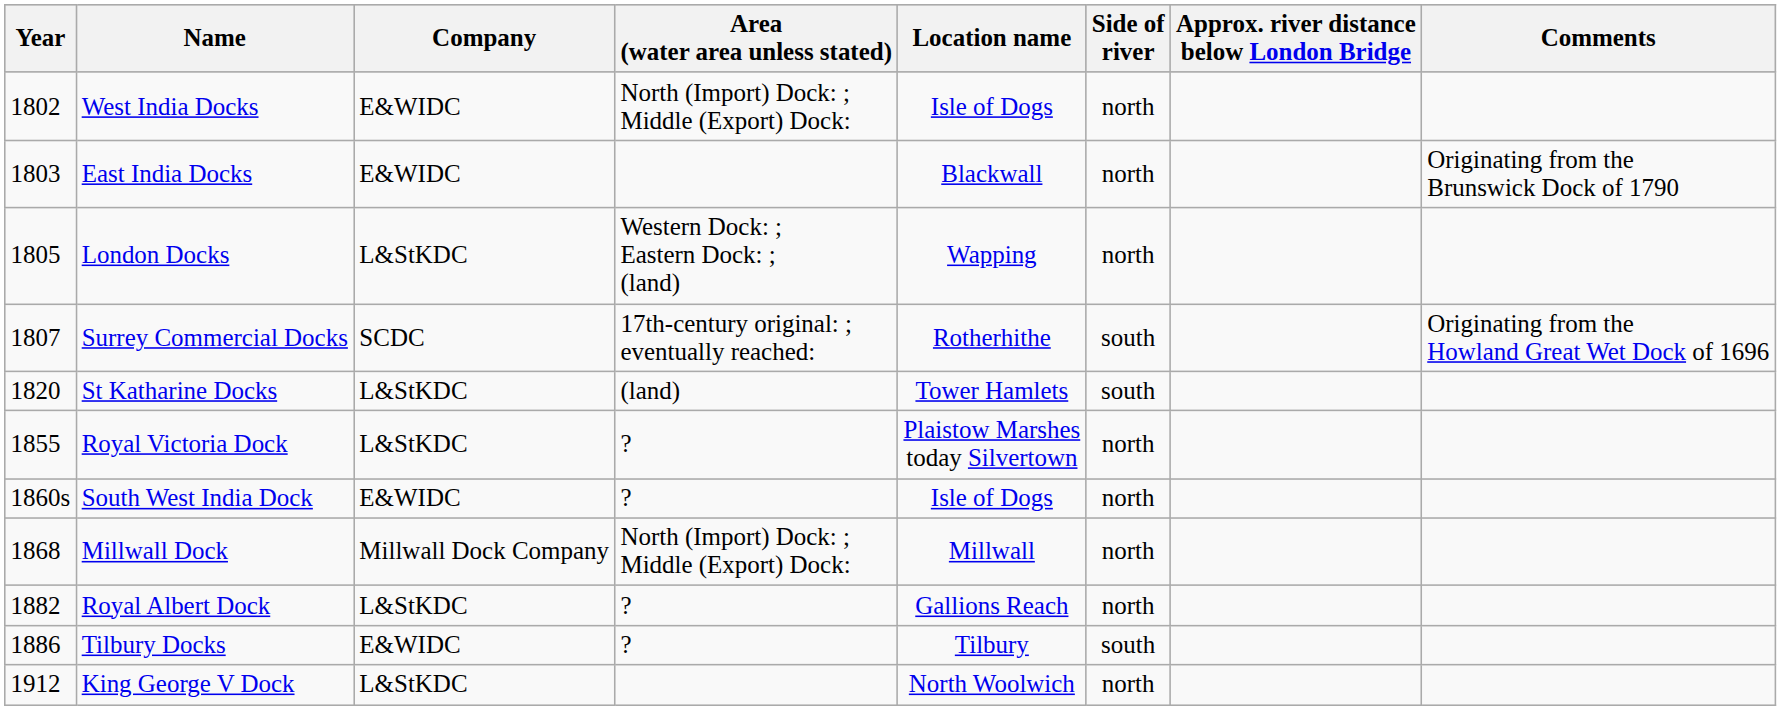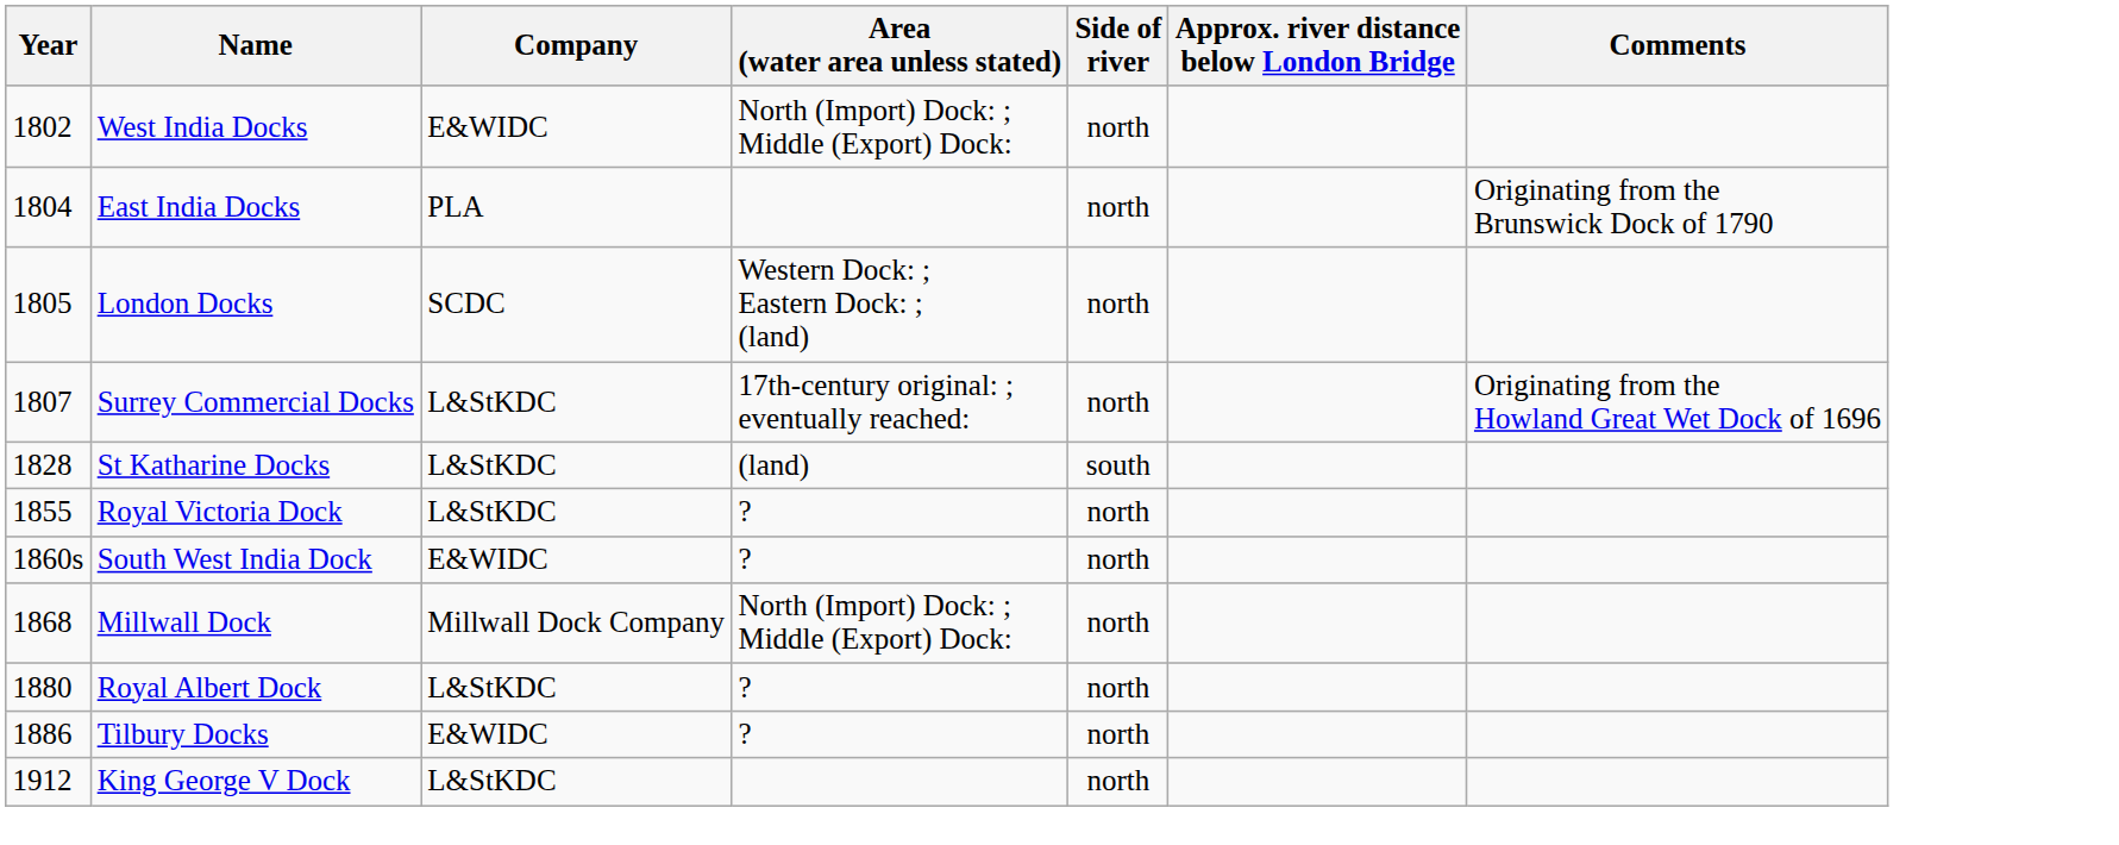 <table class="wikitable" style="align:center;">
 <tr style="background:lightgrey;">
 <th>Year</th>
 <th>Name</th>
 <th>Company</th>
 <th>Area<br>(water area unless stated)</th>
-<th>Location name</th>
 <th>Side of<br>river</th>
 <th>Approx. river distance<br>below <a href='#'>London Bridge</a></th>
 <th>Comments</th>
 </tr>
 <tr>
 <td style="">1802</td>
 <td style=""><a href='#'>West India Docks</a></td>
 <td style="">E&WIDC</td>
 <td style="">North (Import) Dock: ;<br>Middle (Export) Dock: </td>
-<td style="text-align:center;"><a href='#'>Isle of Dogs</a></td>
 <td style="text-align:center;">north</td>
 <td style="text-align:right;"></td>
 <td style=""></td>
 </tr>
 <tr>
-<td style="">1803</td>
+<td style="">1804</td>
 <td style=""><a href='#'>East India Docks</a></td>
-<td style="">E&WIDC</td>
+<td style="">PLA</td>
 <td style=""></td>
-<td style="text-align:center;"><a href='#'>Blackwall</a></td>
 <td style="text-align:center;">north</td>
 <td style="text-align:right;"></td>
 <td style="">Originating from the<br>Brunswick Dock of 1790</td>
 </tr>
 <tr>
 <td style="">1805</td>
 <td style=""><a href='#'>London Docks</a></td>
-<td style="">L&StKDC</td>
+<td style="">SCDC</td>
 <td style="">Western Dock: ;<br>Eastern Dock: ;<br> (land)</td>
-<td style="text-align:center;"><a href='#'>Wapping</a></td>
 <td style="text-align:center;">north</td>
 <td style="text-align:right;"></td>
 <td style=""></td>
 </tr>
 <tr>
 <td style="">1807</td>
 <td style=""><a href='#'>Surrey Commercial Docks</a></td>
-<td style="">SCDC</td>
+<td style="">L&StKDC</td>
 <td style="">17th-century original: ;<br>eventually reached: </td>
-<td style="text-align:center;"><a href='#'>Rotherhithe</a></td>
-<td style="text-align:center;">south</td>
+<td style="text-align:center;">north</td>
 <td style="text-align:right;"></td>
 <td style="">Originating from the<br><a href='#'>Howland Great Wet Dock</a> of 1696</td>
 </tr>
 <tr>
-<td style="">1820</td>
+<td style="">1828</td>
 <td style=""><a href='#'>St Katharine Docks</a></td>
 <td style="">L&StKDC</td>
 <td style=""> (land)</td>
-<td style="text-align:center;"><a href='#'>Tower Hamlets</a></td>
 <td style="text-align:center;">south</td>
 <td style="text-align:right;"></td>
 <td style=""></td>
 </tr>
 <tr>
 <td style="">1855</td>
 <td style=""><a href='#'>Royal Victoria Dock</a></td>
 <td style="">L&StKDC</td>
 <td style="">?</td>
-<td style="text-align:center;"><a href='#'>Plaistow Marshes</a><br>today <a href='#'>Silvertown</a></td>
 <td style="text-align:center;">north</td>
 <td style="text-align:right;"></td>
 <td style=""></td>
 </tr>
 <tr>
 <td style="">1860s</td>
 <td style=""><a href='#'>South West India Dock</a></td>
 <td style="">E&WIDC</td>
 <td style="">?</td>
-<td style="text-align:center;"><a href='#'>Isle of Dogs</a></td>
 <td style="text-align:center;">north</td>
 <td style="text-align:right;"></td>
 <td style=""></td>
 </tr>
 <tr>
 <td style="">1868</td>
 <td style=""><a href='#'>Millwall Dock</a></td>
 <td style="">Millwall Dock Company</td>
 <td style="">North (Import) Dock: ;<br>Middle (Export) Dock: </td>
-<td style="text-align:center;"><a href='#'>Millwall</a></td>
 <td style="text-align:center;">north</td>
 <td style="text-align:right;"></td>
 <td style=""></td>
 </tr>
 <tr>
-<td style="">1882</td>
+<td style="">1880</td>
 <td style=""><a href='#'>Royal Albert Dock</a></td>
 <td style="">L&StKDC</td>
 <td style="">?</td>
-<td style="text-align:center;"><a href='#'>Gallions Reach</a></td>
 <td style="text-align:center;">north</td>
 <td style="text-align:right;"></td>
 <td style=""></td>
 </tr>
 <tr>
 <td style="">1886</td>
 <td style=""><a href='#'>Tilbury Docks</a></td>
 <td style="">E&WIDC</td>
 <td style="">?</td>
-<td style="text-align:center;"><a href='#'>Tilbury</a></td>
-<td style="text-align:center;">south</td>
+<td style="text-align:center;">north</td>
 <td style="text-align:right;"></td>
 <td style=""></td>
 </tr>
 <tr>
 <td style="">1912</td>
 <td style=""><a href='#'>King George V Dock</a></td>
 <td style="">L&StKDC</td>
 <td style=""></td>
-<td style="text-align:center;"><a href='#'>North Woolwich</a></td>
 <td style="text-align:center;">north</td>
 <td style="text-align:right;"></td>
 <td style=""></td>
 </tr>
 </table>
